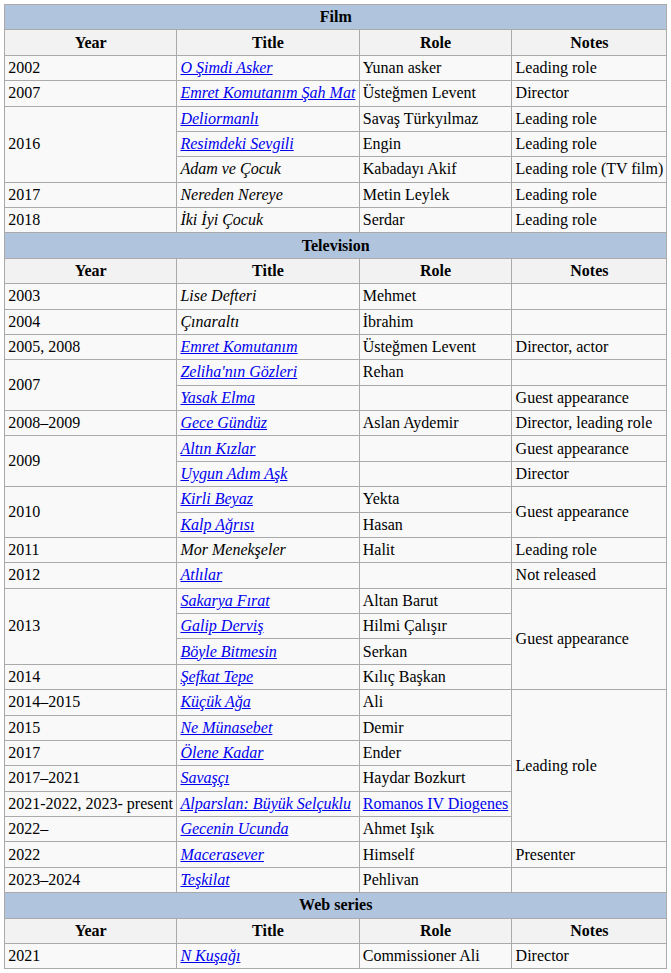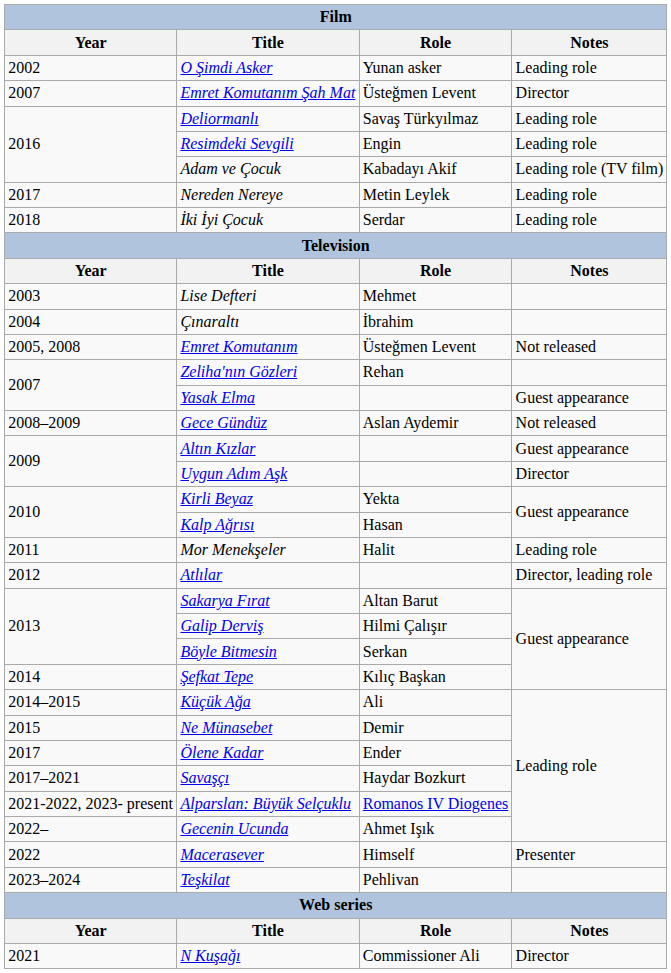 <table class="wikitable" style=6ont-size: 85%;">
 <tr>
 <th colspan="4" style="background:LightSteelBlue">Film</th>
 </tr>
 <tr>
 <th>Year</th>
 <th>Title</th>
 <th>Role</th>
 <th>Notes</th>
 </tr>
 <tr>
 <td>2002</td>
 <td><em><a href='#'>O Şimdi Asker</a></em></td>
 <td>Yunan asker</td>
 <td>Leading role</td>
 </tr>
 <tr>
 <td>2007</td>
 <td><em><a href='#'>Emret Komutanım Şah Mat</a></em></td>
 <td>Üsteğmen Levent</td>
 <td>Director</td>
 </tr>
 <tr>
 <td rowspan="3">2016</td>
 <td><em><a href='#'>Deliormanlı</a></em></td>
 <td>Savaş Türkyılmaz</td>
 <td>Leading role</td>
 </tr>
 <tr>
 <td><em><a href='#'>Resimdeki Sevgili</a></em></td>
 <td>Engin</td>
 <td>Leading role</td>
 </tr>
 <tr>
 <td><em>Adam ve Çocuk</em></td>
 <td>Kabadayı Akif</td>
 <td>Leading role (TV film)</td>
 </tr>
 <tr>
 <td>2017</td>
 <td><em>Nereden Nereye</em></td>
 <td>Metin Leylek</td>
 <td>Leading role</td>
 </tr>
 <tr>
 <td>2018</td>
 <td><em>İki İyi Çocuk</em></td>
 <td>Serdar</td>
 <td>Leading role</td>
 </tr>
 <tr>
 <th colspan="4" style="background:LightSteelBlue">Television</th>
 </tr>
 <tr>
 <th>Year</th>
 <th>Title</th>
 <th>Role</th>
 <th>Notes</th>
 </tr>
 <tr>
 <td>2003</td>
 <td><em>Lise Defteri</em></td>
 <td>Mehmet</td>
 <td></td>
 </tr>
 <tr>
 <td>2004</td>
 <td><em>Çınaraltı</em></td>
 <td>İbrahim</td>
 <td></td>
 </tr>
 <tr>
 <td>2005, 2008</td>
 <td><em><a href='#'>Emret Komutanım</a></em></td>
 <td>Üsteğmen Levent</td>
-<td>Director, actor</td>
+<td>Not released</td>
 </tr>
 <tr>
 <td rowspan="2">2007</td>
 <td><em><a href='#'>Zeliha'nın Gözleri</a></em></td>
 <td>Rehan</td>
 <td></td>
 </tr>
 <tr>
 <td><em><a href='#'>Yasak Elma</a></em></td>
 <td></td>
 <td>Guest appearance</td>
 </tr>
 <tr>
 <td>2008–2009</td>
 <td><em><a href='#'>Gece Gündüz</a></em></td>
 <td>Aslan Aydemir</td>
-<td>Director, leading role</td>
+<td>Not released</td>
 </tr>
 <tr>
 <td rowspan="2">2009</td>
 <td><em><a href='#'>Altın Kızlar</a></em></td>
 <td></td>
 <td>Guest appearance</td>
 </tr>
 <tr>
 <td><em><a href='#'>Uygun Adım Aşk</a></em></td>
 <td></td>
 <td>Director</td>
 </tr>
 <tr>
 <td rowspan="2">2010</td>
 <td><em><a href='#'>Kirli Beyaz</a></em></td>
 <td>Yekta</td>
 <td rowspan="2">Guest appearance</td>
 </tr>
 <tr>
 <td><em><a href='#'>Kalp Ağrısı</a></em></td>
 <td>Hasan</td>
 </tr>
 <tr>
 <td>2011</td>
 <td><em>Mor Menekşeler</em></td>
 <td>Halit</td>
 <td>Leading role</td>
 </tr>
 <tr>
 <td>2012</td>
 <td><em><a href='#'>Atlılar</a></em></td>
 <td></td>
-<td>Not released</td>
+<td>Director, leading role</td>
 </tr>
 <tr>
 <td rowspan="3">2013</td>
 <td><em><a href='#'>Sakarya Fırat</a></em></td>
 <td>Altan Barut</td>
 <td rowspan="4">Guest appearance</td>
 </tr>
 <tr>
 <td><em><a href='#'>Galip Derviş</a></em></td>
 <td>Hilmi Çalışır</td>
 </tr>
 <tr>
 <td><em><a href='#'>Böyle Bitmesin</a></em></td>
 <td>Serkan</td>
 </tr>
 <tr>
 <td>2014</td>
 <td><em><a href='#'>Şefkat Tepe</a></em></td>
 <td>Kılıç Başkan</td>
 </tr>
 <tr>
 <td>2014–2015</td>
 <td><em><a href='#'>Küçük Ağa</a></em></td>
 <td>Ali</td>
 <td rowspan="6">Leading role</td>
 </tr>
 <tr>
 <td>2015</td>
 <td><em><a href='#'>Ne Münasebet</a></em></td>
 <td>Demir</td>
 </tr>
 <tr>
 <td>2017</td>
 <td><em><a href='#'>Ölene Kadar</a></em></td>
 <td>Ender</td>
 </tr>
 <tr>
 <td>2017–2021</td>
 <td><em><a href='#'>Savaşçı</a></em></td>
 <td>Haydar Bozkurt</td>
 </tr>
 <tr>
 <td>2021-2022, 2023- present</td>
 <td><em><a href='#'>Alparslan: Büyük Selçuklu</a></em></td>
 <td><a href='#'>Romanos IV Diogenes</a></td>
 </tr>
 <tr>
 <td>2022–</td>
 <td><em><a href='#'>Gecenin Ucunda</a></em></td>
 <td>Ahmet Işık</td>
 </tr>
 <tr>
 <td>2022</td>
 <td><em><a href='#'>Macerasever</a></em></td>
 <td>Himself</td>
 <td>Presenter</td>
 </tr>
 <tr>
 <td>2023–2024</td>
 <td><em><a href='#'>Teşkilat</a></em></td>
 <td>Pehlivan</td>
 </tr>
 <tr>
 <th colspan="4" style="background:LightSteelBlue">Web series</th>
 </tr>
 <tr>
 <th>Year</th>
 <th>Title</th>
 <th>Role</th>
 <th>Notes</th>
 </tr>
 <tr>
 <td>2021</td>
 <td><em><a href='#'>N Kuşağı</a></em></td>
 <td>Commissioner Ali</td>
 <td>Director</td>
 </tr>
 <tr>
 </tr>
 </table>
